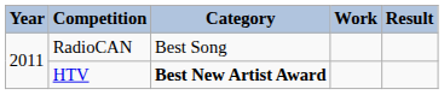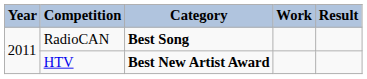 <table class="wikitable">
 <tr>
 <th style="background:#B0C4DE;">Year</th>
 <th style="background:#B0C4DE;">Competition</th>
 <th style="background:#B0C4DE;">Category</th>
 <th style="background:#B0C4DE;">Work</th>
 <th style="background:#B0C4DE;">Result</th>
 </tr>
 <tr>
 <td rowspan=2>2011</td>
 <td>RadioCAN</td>
-<td>Best Song</td>
+<td><strong>Best Song</strong></td>
 <td></td>
 <td></td>
 </tr>
 <tr>
 <td><a href='#'>HTV</a></td>
 <td><strong>Best New Artist Award</strong></td>
 <td></td>
 <td></td>
 </tr>
 </table>
